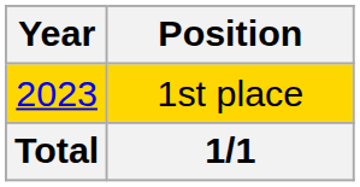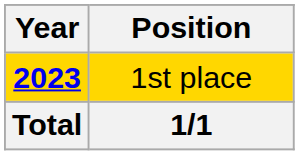 <table class="wikitable" style="text-align: center;">
 <tr>
 <th>Year</th>
 <th width="100">Position</th>
 </tr>
 <tr bgcolor=gold>
-<td> <a href='#'>2023</a></td>
+<td><strong> <a href='#'>2023</a></strong></td>
 <td>1st place</td>
 </tr>
 <tr>
 <th>Total</th>
 <th>1/1</th>
 </tr>
 </table>
